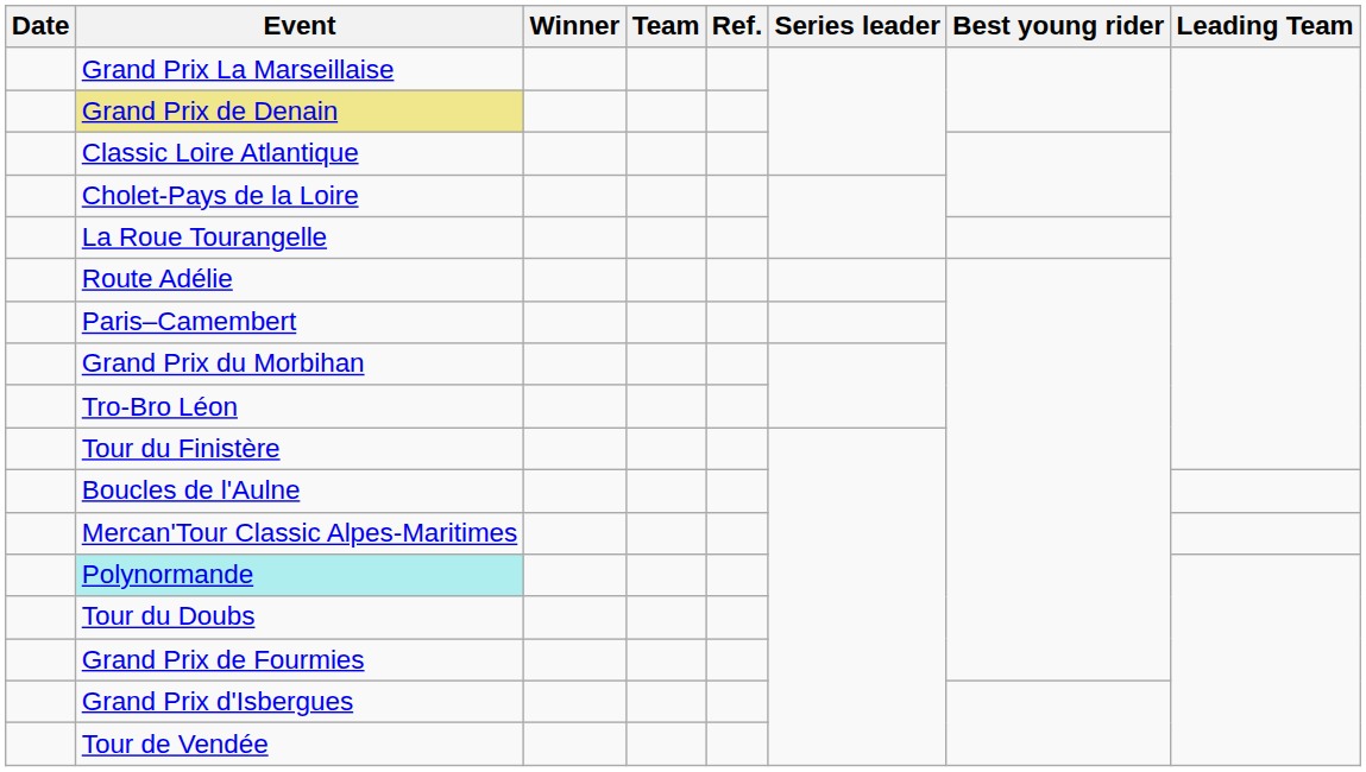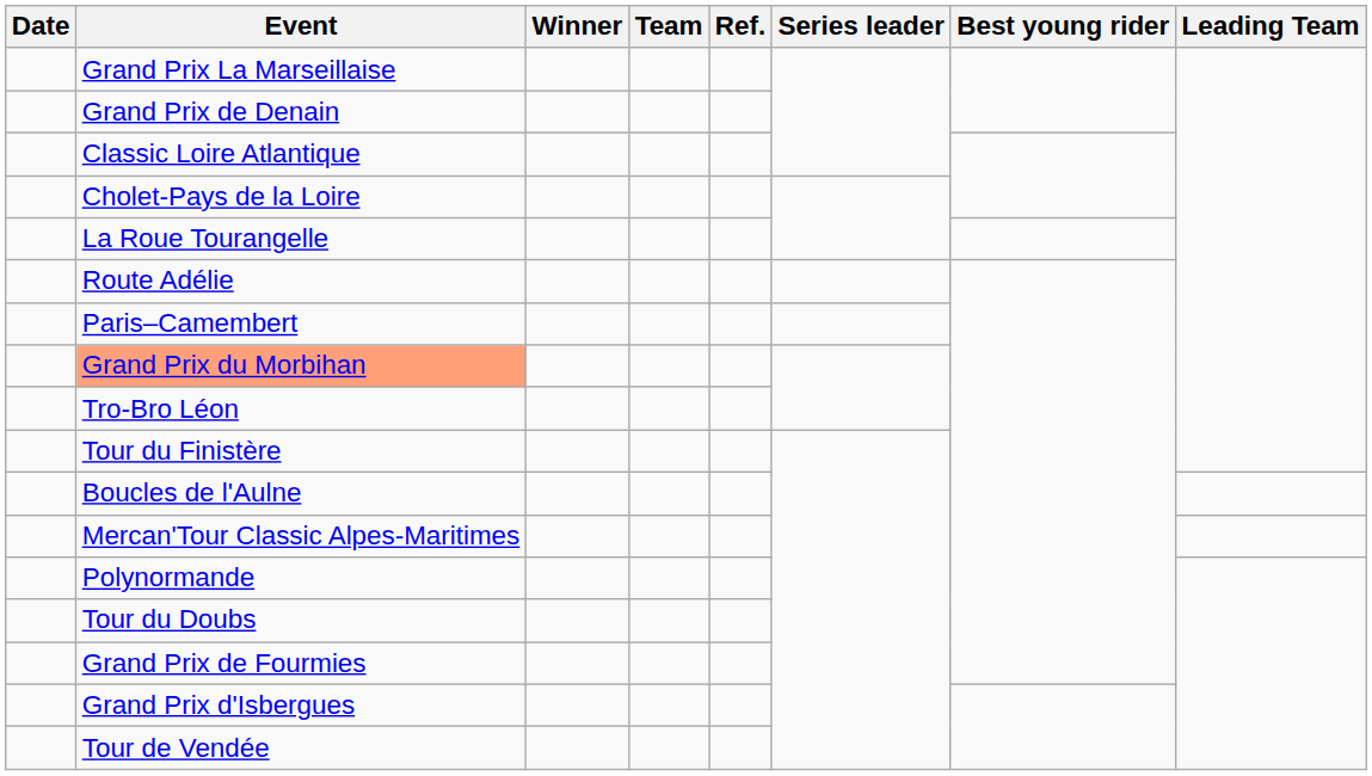 <table class="wikitable sortable">
 <tr>
 <th>Date</th>
 <th>Event</th>
 <th>Winner</th>
 <th>Team</th>
 <th class="unsortable">Ref.</th>
 <th class="unsortable">Series leader</th>
 <th class="unsortable">Best young rider</th>
 <th class="unsortable">Leading Team</th>
 </tr>
 <tr>
 <td></td>
 <td><a href='#'>Grand Prix La Marseillaise</a></td>
 <td></td>
 <td></td>
 <td align="center"></td>
 <td rowspan="3"></td>
 <td rowspan="2"></td>
 <td rowspan="10"></td>
 </tr>
 <tr>
 <td></td>
-<td style="background: khaki;"><a href='#'>Grand Prix de Denain</a></td>
+<td><a href='#'>Grand Prix de Denain</a></td>
 <td></td>
 <td></td>
 <td align="center"></td>
 </tr>
 <tr>
 <td></td>
 <td><a href='#'>Classic Loire Atlantique</a></td>
 <td></td>
 <td></td>
 <td align="center"></td>
 <td rowspan="2"></td>
 </tr>
 <tr>
 <td></td>
 <td><a href='#'>Cholet-Pays de la Loire</a></td>
 <td></td>
 <td></td>
 <td align="center"></td>
 <td rowspan="2"></td>
 </tr>
 <tr>
 <td></td>
 <td><a href='#'>La Roue Tourangelle</a></td>
 <td></td>
 <td></td>
 <td align="center"></td>
 <td></td>
 </tr>
 <tr>
 <td></td>
 <td><a href='#'>Route Adélie</a></td>
 <td></td>
 <td></td>
 <td align="center"></td>
 <td></td>
 <td rowspan="10"></td>
 </tr>
 <tr>
 <td></td>
 <td><a href='#'>Paris–Camembert</a></td>
 <td></td>
 <td></td>
 <td align="center"></td>
 <td></td>
 </tr>
 <tr>
 <td></td>
-<td><a href='#'>Grand Prix du Morbihan</a></td>
+<td style="background: lightsalmon;"><a href='#'>Grand Prix du Morbihan</a></td>
 <td></td>
 <td></td>
 <td align="center"></td>
 <td rowspan="2"></td>
 </tr>
 <tr>
 <td></td>
 <td><a href='#'>Tro-Bro Léon</a></td>
 <td></td>
 <td></td>
 <td align="center"></td>
 </tr>
 <tr>
 <td></td>
 <td><a href='#'>Tour du Finistère</a></td>
 <td></td>
 <td></td>
 <td align="center"></td>
 <td rowspan="8"></td>
 </tr>
 <tr>
 <td></td>
 <td><a href='#'>Boucles de l'Aulne</a></td>
 <td></td>
 <td></td>
 <td align="center"></td>
 <td></td>
 </tr>
 <tr>
 <td></td>
 <td><a href='#'>Mercan'Tour Classic Alpes-Maritimes</a></td>
 <td></td>
 <td></td>
 <td align="center"></td>
 <td></td>
 </tr>
 <tr>
 <td></td>
-<td style="background: paleturquoise;"><a href='#'>Polynormande</a></td>
+<td><a href='#'>Polynormande</a></td>
 <td></td>
 <td></td>
 <td align="center"></td>
 <td rowspan="5"></td>
 </tr>
 <tr>
 <td></td>
 <td><a href='#'>Tour du Doubs</a></td>
 <td></td>
 <td></td>
 <td align="center"></td>
 </tr>
 <tr>
 <td></td>
 <td><a href='#'>Grand Prix de Fourmies</a></td>
 <td></td>
 <td></td>
 <td align="center"></td>
 </tr>
 <tr>
 <td></td>
 <td><a href='#'>Grand Prix d'Isbergues</a></td>
 <td></td>
 <td></td>
 <td align="center"></td>
 <td rowspan="2"></td>
 </tr>
 <tr>
 <td></td>
 <td><a href='#'>Tour de Vendée</a></td>
 <td></td>
 <td></td>
 <td align="center"></td>
 </tr>
 </table>
